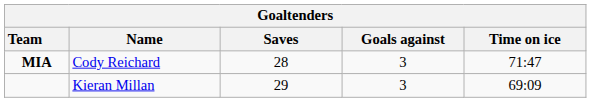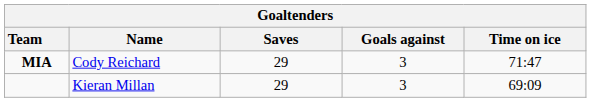 <table class="wikitable" style="width:40em; text-align:right;">
 <tr>
 <th colspan=5>Goaltenders</th>
 </tr>
 <tr>
 <th style="width:4em; text-align:left;">Team</th>
 <th style="width:10em;">Name</th>
 <th style="width:8em;">Saves</th>
 <th style="width:8em;">Goals against</th>
 <th style="width:8em;">Time on ice</th>
 </tr>
 <tr>
 <td align=center><strong>MIA</strong></td>
 <td style="text-align:left;"><a href='#'>Cody Reichard</a></td>
-<td align=center>28</td>
+<td align=center>29</td>
 <td align=center>3</td>
 <td align=center>71:47</td>
 </tr>
 <tr>
 <td align=center style=><strong></strong></td>
 <td style="text-align:left;"><a href='#'>Kieran Millan</a></td>
 <td align=center>29</td>
 <td align=center>3</td>
 <td align=center>69:09</td>
 </tr>
 </table>
